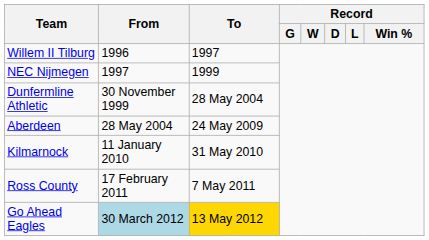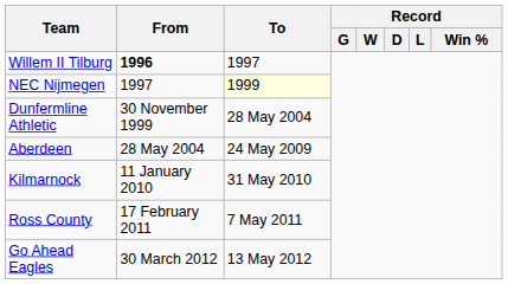 <table class="wikitable" style="text-align: left">
 <tr>
 <th rowspan="2" width="115">Team</th>
 <th rowspan="2" width="110">From</th>
 <th rowspan="2" width="110">To</th>
 <th colspan="5" width="180">Record</th>
 </tr>
 <tr>
 <th>G</th>
 <th>W</th>
 <th>D</th>
 <th>L</th>
 <th>Win %</th>
 </tr>
 <tr>
 <td><a href='#'>Willem II Tilburg</a></td>
-<td>1996</td>
+<td><strong>1996</strong></td>
 <td>1997<br></td>
 </tr>
 <tr>
 <td><a href='#'>NEC Nijmegen</a></td>
 <td>1997</td>
-<td>1999<br></td>
+<td style="background: lightyellow;">1999<br></td>
 </tr>
 <tr>
 <td><a href='#'>Dunfermline Athletic</a></td>
 <td>30 November 1999</td>
 <td>28 May 2004<br></td>
 </tr>
 <tr>
 <td><a href='#'>Aberdeen</a></td>
 <td>28 May 2004</td>
 <td>24 May 2009<br></td>
 </tr>
 <tr>
 <td><a href='#'>Kilmarnock</a></td>
 <td>11 January 2010</td>
 <td>31 May 2010<br></td>
 </tr>
 <tr>
 <td><a href='#'>Ross County</a></td>
 <td>17 February 2011</td>
 <td>7 May 2011<br></td>
 </tr>
 <tr>
 <td><a href='#'>Go Ahead Eagles</a></td>
-<td style="background: lightblue;">30 March 2012</td>
-<td style="background: gold;">13 May 2012<br></td>
+<td>30 March 2012</td>
+<td>13 May 2012<br></td>
 </tr>
 </table>
